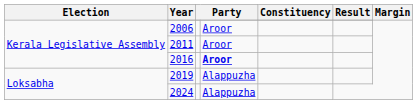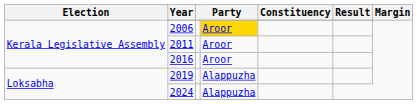 <table class="sortable wikitable">
 <tr>
 <th>Election</th>
 <th>Year</th>
 <th colspan = "2">Party</th>
 <th>Constituency</th>
 <th>Result</th>
 <th>Margin</th>
 </tr>
 <tr>
 <td rowspan = "4"><a href='#'>Kerala Legislative Assembly</a></td>
 </tr>
 <tr>
 <td><a href='#'>2006</a></td>
 <td></td>
-<td><a href='#'>Aroor</a></td>
+<td style="background: gold;"><a href='#'>Aroor</a></td>
 <td></td>
 <td></td>
 </tr>
 <tr>
 <td><a href='#'>2011</a></td>
 <td></td>
 <td><a href='#'>Aroor</a></td>
 <td></td>
 <td></td>
 </tr>
 <tr>
 <td><a href='#'>2016</a></td>
 <td></td>
-<td><strong><a href='#'>Aroor</a></strong></td>
+<td><a href='#'>Aroor</a></td>
 <td></td>
 <td></td>
 </tr>
 <tr>
 <td rowspan = "2"><a href='#'>Loksabha</a></td>
 <td><a href='#'>2019</a></td>
 <td></td>
 <td><a href='#'>Alappuzha</a></td>
 <td></td>
 <td></td>
 </tr>
 <tr>
 <td><a href='#'>2024</a></td>
 <td></td>
 <td><a href='#'>Alappuzha</a></td>
 <td></td>
 </tr>
 </table>
